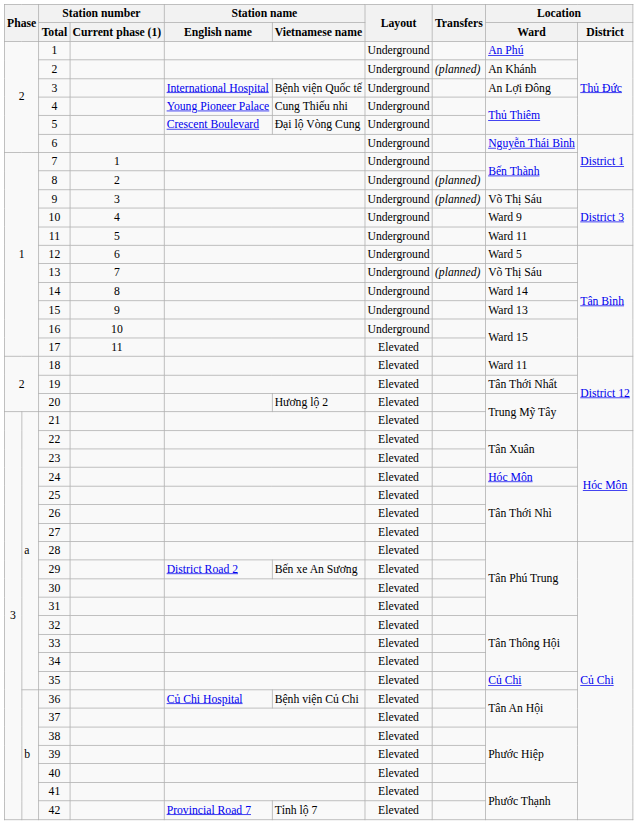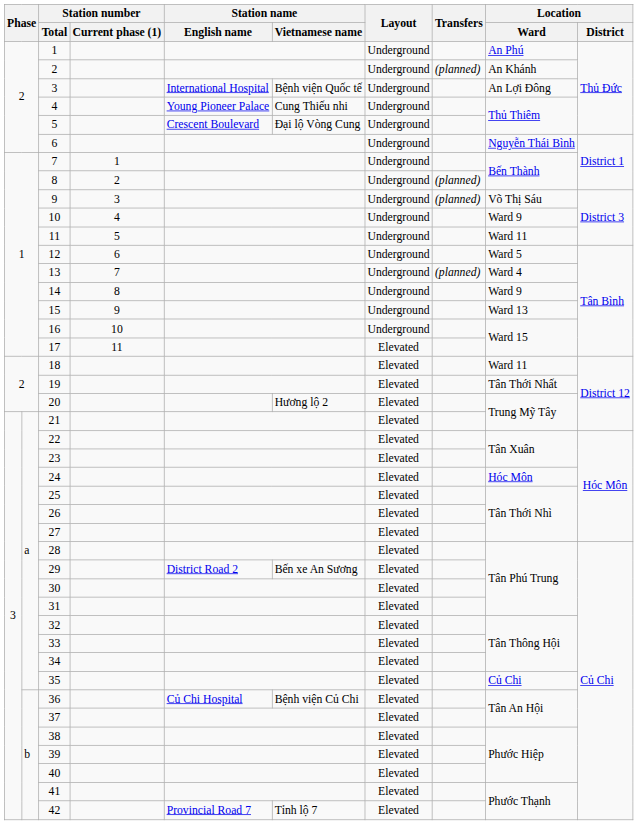 <table class="wikitable">
 <tr>
 <th colspan="2" rowspan="2">Phase</th>
 <th colspan="2">Station number</th>
 <th colspan="2">Station name</th>
 <th rowspan="2">Layout</th>
 <th rowspan="2">Transfers</th>
 <th colspan="2">Location</th>
 </tr>
 <tr>
 <th>Total</th>
 <th>Current phase (1)</th>
 <th>English name</th>
 <th>Vietnamese name</th>
 <th>Ward</th>
 <th>District</th>
 </tr>
 <tr>
 <td colspan="2" rowspan="6" style="text-align:center;">2</td>
 <td style="text-align:center; color:">1</td>
 <td></td>
 <td colspan="2"></td>
 <td style="text-align:center;">Underground</td>
 <td></td>
 <td><a href='#'>An Phú</a></td>
 <td rowspan="5"><a href='#'>Thủ Đức</a></td>
 </tr>
 <tr>
 <td style="text-align:center; color:">2</td>
 <td></td>
 <td colspan="2"></td>
 <td style="text-align:center;">Underground</td>
 <td><a href='#'></a> <em>(planned)</em></td>
 <td>An Khánh</td>
 </tr>
 <tr>
 <td style="text-align:center; color:">3</td>
 <td></td>
 <td><a href='#'>International Hospital</a></td>
 <td>Bệnh viện Quốc tế</td>
 <td style="text-align:center;">Underground</td>
 <td></td>
 <td>An Lợi Đông</td>
 </tr>
 <tr>
 <td style="text-align:center; color:">4</td>
 <td></td>
 <td><a href='#'>Young Pioneer Palace</a></td>
 <td>Cung Thiếu nhi</td>
 <td style="text-align:center;">Underground</td>
 <td></td>
 <td rowspan="2"><a href='#'>Thủ Thiêm</a></td>
 </tr>
 <tr>
 <td style="text-align:center; color:">5</td>
 <td></td>
 <td><a href='#'>Crescent Boulevard</a></td>
 <td>Đại lộ Vòng Cung</td>
 <td style="text-align:center;">Underground</td>
 <td></td>
 </tr>
 <tr>
 <td style="text-align:center; color:">6</td>
 <td></td>
 <td colspan="2"></td>
 <td style="text-align:center;">Underground</td>
 <td></td>
 <td><a href='#'>Nguyễn Thái Bình</a></td>
 <td rowspan="3"><a href='#'>District 1</a></td>
 </tr>
 <tr>
 <td colspan="2" rowspan="11" style="text-align:center;">1</td>
 <td style="text-align:center; color:">7</td>
 <td style="text-align:center; color:">1</td>
 <td colspan="2"></td>
 <td style="text-align:center;">Underground</td>
 <td></td>
 <td rowspan="2"><a href='#'>Bến Thành</a></td>
 </tr>
 <tr>
 <td style="text-align:center; color:">8</td>
 <td style="text-align:center; color:">2</td>
 <td colspan="2"></td>
 <td style="text-align:center;">Underground</td>
 <td><a href='#'></a> <em>(planned)</em></td>
 </tr>
 <tr>
 <td style="text-align:center; color:">9</td>
 <td style="text-align:center; color:">3</td>
 <td colspan="2"></td>
 <td style="text-align:center;">Underground</td>
 <td><a href='#'></a> <em>(planned)</em></td>
 <td>Võ Thị Sáu</td>
 <td rowspan="3"><a href='#'>District 3</a></td>
 </tr>
 <tr>
 <td style="text-align:center; color:">10</td>
 <td style="text-align:center; color:">4</td>
 <td colspan="2"></td>
 <td style="text-align:center;">Underground</td>
 <td></td>
 <td>Ward 9</td>
 </tr>
 <tr>
 <td style="text-align:center; color:">11</td>
 <td style="text-align:center; color:">5</td>
 <td colspan="2"></td>
 <td style="text-align:center;">Underground</td>
 <td></td>
 <td>Ward 11</td>
 </tr>
 <tr>
 <td style="text-align:center; color:">12</td>
 <td style="text-align:center; color:">6</td>
 <td colspan="2"></td>
 <td style="text-align:center;">Underground</td>
 <td></td>
 <td>Ward 5</td>
 <td rowspan="6"><a href='#'>Tân Bình</a></td>
 </tr>
 <tr>
 <td style="text-align:center; color:">13</td>
 <td style="text-align:center; color:">7</td>
 <td colspan="2"></td>
 <td style="text-align:center;">Underground</td>
 <td><a href='#'></a> <em>(planned)</em></td>
-<td>Võ Thị Sáu</td>
+<td>Ward 4</td>
 </tr>
 <tr>
 <td style="text-align:center; color:">14</td>
 <td style="text-align:center; color:">8</td>
 <td colspan="2"></td>
 <td style="text-align:center;">Underground</td>
 <td></td>
-<td>Ward 14</td>
+<td>Ward 9</td>
 </tr>
 <tr>
 <td style="text-align:center; color:">15</td>
 <td style="text-align:center; color:">9</td>
 <td colspan="2"></td>
 <td style="text-align:center;">Underground</td>
 <td></td>
 <td>Ward 13</td>
 </tr>
 <tr>
 <td style="text-align:center; color:">16</td>
 <td style="text-align:center; color:">10</td>
 <td colspan="2"></td>
 <td style="text-align:center;">Underground</td>
 <td></td>
 <td rowspan="2">Ward 15</td>
 </tr>
 <tr>
 <td style="text-align:center; color:">17</td>
 <td style="text-align:center; color:">11</td>
 <td colspan="2"></td>
 <td style="text-align:center;">Elevated</td>
 <td></td>
 </tr>
 <tr>
 <td colspan="2" rowspan="3" style="text-align:center;">2</td>
 <td style="text-align:center; color:">18</td>
 <td></td>
 <td colspan="2"></td>
 <td style="text-align:center;">Elevated</td>
 <td></td>
 <td>Ward 11</td>
 <td style="text-align:center;" rowspan="4"><a href='#'>District 12</a></td>
 </tr>
 <tr>
 <td style="text-align:center; color:">19</td>
 <td></td>
 <td colspan="2"></td>
 <td style="text-align:center;">Elevated</td>
 <td></td>
 <td>Tân Thới Nhất</td>
 </tr>
 <tr>
 <td style="text-align:center; color:">20</td>
 <td></td>
 <td></td>
 <td>Hương lộ 2</td>
 <td style="text-align:center;">Elevated</td>
 <td></td>
 <td rowspan="2">Trung Mỹ Tây</td>
 </tr>
 <tr>
 <td rowspan="22" style="text-align:center;">3</td>
 <td rowspan="15">a</td>
 <td style="text-align:center; color:">21</td>
 <td></td>
 <td colspan="2"></td>
 <td style="text-align:center;">Elevated</td>
 <td></td>
 </tr>
 <tr>
 <td style="text-align:center; color:">22</td>
 <td></td>
 <td colspan="2"></td>
 <td style="text-align:center;">Elevated</td>
 <td></td>
 <td rowspan="2">Tân Xuân</td>
 <td style="text-align:center;" rowspan="6"><a href='#'>Hóc Môn</a></td>
 </tr>
 <tr>
 <td style="text-align:center; color:">23</td>
 <td></td>
 <td colspan="2"></td>
 <td style="text-align:center;">Elevated</td>
 <td></td>
 </tr>
 <tr>
 <td style="text-align:center; color:">24</td>
 <td></td>
 <td colspan="2"></td>
 <td style="text-align:center;">Elevated</td>
 <td></td>
 <td><a href='#'>Hóc Môn</a></td>
 </tr>
 <tr>
 <td style="text-align:center; color:">25</td>
 <td></td>
 <td colspan="2"></td>
 <td style="text-align:center;">Elevated</td>
 <td></td>
 <td rowspan="3">Tân Thới Nhì</td>
 </tr>
 <tr>
 <td style="text-align:center; color:">26</td>
 <td></td>
 <td colspan="2"></td>
 <td style="text-align:center;">Elevated</td>
 <td></td>
 </tr>
 <tr>
 <td style="text-align:center; color:">27</td>
 <td></td>
 <td colspan="2"></td>
 <td style="text-align:center;">Elevated</td>
 <td></td>
 </tr>
 <tr>
 <td style="text-align:center; color:">28</td>
 <td></td>
 <td colspan="2"></td>
 <td style="text-align:center;">Elevated</td>
 <td></td>
 <td rowspan="4">Tân Phú Trung</td>
 <td rowspan="15"><a href='#'>Củ Chi</a></td>
 </tr>
 <tr>
 <td style="text-align:center; color:">29</td>
 <td></td>
 <td><a href='#'>District Road 2</a></td>
 <td>Bến xe An Sương</td>
 <td style="text-align:center;">Elevated</td>
 <td></td>
 </tr>
 <tr>
 <td style="text-align:center; color:">30</td>
 <td></td>
 <td colspan="2"></td>
 <td style="text-align:center;">Elevated</td>
 <td></td>
 </tr>
 <tr>
 <td style="text-align:center; color:">31</td>
 <td></td>
 <td colspan="2"></td>
 <td style="text-align:center;">Elevated</td>
 <td></td>
 </tr>
 <tr>
 <td style="text-align:center; color:">32</td>
 <td></td>
 <td colspan="2"></td>
 <td style="text-align:center;">Elevated</td>
 <td></td>
 <td rowspan="3">Tân Thông Hội</td>
 </tr>
 <tr>
 <td style="text-align:center; color:">33</td>
 <td></td>
 <td colspan="2"></td>
 <td style="text-align:center;">Elevated</td>
 <td></td>
 </tr>
 <tr>
 <td style="text-align:center; color:">34</td>
 <td></td>
 <td colspan="2"></td>
 <td style="text-align:center;">Elevated</td>
 <td></td>
 </tr>
 <tr>
 <td style="text-align:center; color:">35</td>
 <td></td>
 <td colspan="2"></td>
 <td style="text-align:center;">Elevated</td>
 <td></td>
 <td><a href='#'>Củ Chi</a></td>
 </tr>
 <tr>
 <td rowspan="7">b</td>
 <td style="text-align:center; color:">36</td>
 <td></td>
 <td><a href='#'>Củ Chi Hospital</a></td>
 <td>Bệnh viện Củ Chi</td>
 <td style="text-align:center;">Elevated</td>
 <td></td>
 <td rowspan="2">Tân An Hội</td>
 </tr>
 <tr>
 <td style="text-align:center; color:">37</td>
 <td></td>
 <td colspan="2"></td>
 <td style="text-align:center;">Elevated</td>
 <td></td>
 </tr>
 <tr>
 <td style="text-align:center; color:">38</td>
 <td></td>
 <td colspan="2"></td>
 <td style="text-align:center;">Elevated</td>
 <td></td>
 <td rowspan="3">Phước Hiệp</td>
 </tr>
 <tr>
 <td style="text-align:center; color:">39</td>
 <td></td>
 <td colspan="2"></td>
 <td style="text-align:center;">Elevated</td>
 <td></td>
 </tr>
 <tr>
 <td style="text-align:center; color:">40</td>
 <td></td>
 <td colspan="2"></td>
 <td style="text-align:center;">Elevated</td>
 <td></td>
 </tr>
 <tr>
 <td style="text-align:center; color:">41</td>
 <td></td>
 <td colspan="2"></td>
 <td style="text-align:center;">Elevated</td>
 <td></td>
 <td rowspan="2">Phước Thạnh</td>
 </tr>
 <tr>
 <td style="text-align:center; color:">42</td>
 <td></td>
 <td><a href='#'>Provincial Road 7</a></td>
 <td>Tỉnh lộ 7</td>
 <td style="text-align:center;">Elevated</td>
 <td></td>
 </tr>
 </table>
